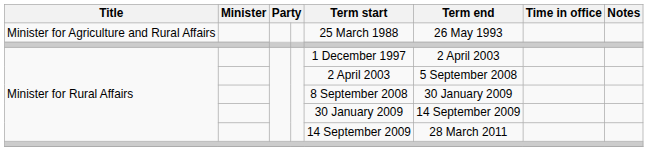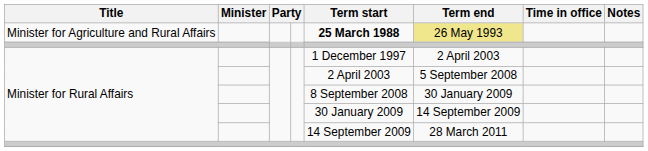 <table class="wikitable sortable">
 <tr>
 <th>Title</th>
 <th>Minister</th>
 <th colspan="2">Party</th>
 <th>Term start</th>
 <th>Term end</th>
 <th>Time in office</th>
 <th class="unsortable">Notes</th>
 </tr>
 <tr>
 <td>Minister for Agriculture and Rural Affairs</td>
 <td></td>
 <td rowspan="2" > </td>
 <td rowspan="2"></td>
-<td align="center">25 March 1988</td>
-<td align="center">26 May 1993</td>
+<td align="center"><strong>25 March 1988</strong></td>
+<td align="center" style="background: khaki;">26 May 1993</td>
 <td align=right></td>
 <td></td>
 </tr>
 <tr class="sortbottom">
 <th colspan="8" style="background: #cccccc;"></th>
 </tr>
 <tr>
 <td rowspan="5">Minister for Rural Affairs</td>
 <td></td>
 <td rowspan="5" > </td>
 <td rowspan="5"></td>
 <td align="center">1 December 1997</td>
 <td align="center">2 April 2003</td>
 <td align=right></td>
 <td></td>
 </tr>
 <tr>
 <td></td>
 <td align="center">2 April 2003</td>
 <td align="center">5 September 2008</td>
 <td align=right><strong></strong></td>
 <td></td>
 </tr>
 <tr>
 <td></td>
 <td align="center">8 September 2008</td>
 <td align="center">30 January 2009</td>
 <td align=right></td>
 <td></td>
 </tr>
 <tr>
 <td></td>
 <td align="center">30 January 2009</td>
 <td align="center">14 September 2009</td>
 <td align=right></td>
 <td></td>
 </tr>
 <tr>
 <td></td>
 <td align="center">14 September 2009</td>
 <td align="center">28 March 2011</td>
 <td align=right></td>
 <td></td>
 </tr>
 <tr class="sortbottom">
 <th colspan="8" style="background: #cccccc;"></th>
 </tr>
 <tr>
 </tr>
 </table>
